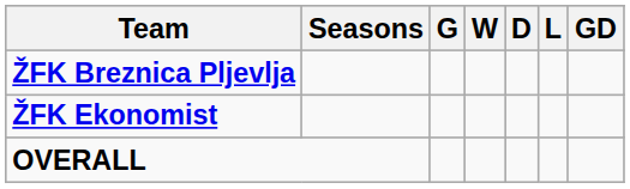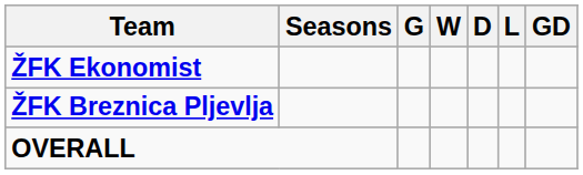 <table class="wikitable" style="font-size:90%">
 <tr>
 <th>Team</th>
 <th>Seasons</th>
 <th>G</th>
 <th>W</th>
 <th>D</th>
 <th>L</th>
 <th>GD</th>
 </tr>
 <tr>
-<td><strong><a href='#'>ŽFK Breznica Pljevlja</a></strong></td>
+<td><strong><a href='#'>ŽFK Ekonomist</a></strong></td>
 <td></td>
 <td></td>
 <td></td>
 <td></td>
 <td></td>
 <td></td>
 </tr>
 <tr>
-<td><strong><a href='#'>ŽFK Ekonomist</a></strong></td>
+<td><strong><a href='#'>ŽFK Breznica Pljevlja</a></strong></td>
 <td></td>
 <td></td>
 <td></td>
 <td></td>
 <td></td>
 <td></td>
 </tr>
 <tr>
 <td colspan="2"><strong>OVERALL</strong></td>
 <td></td>
 <td></td>
 <td></td>
 <td></td>
 <td></td>
 </tr>
 </table>
